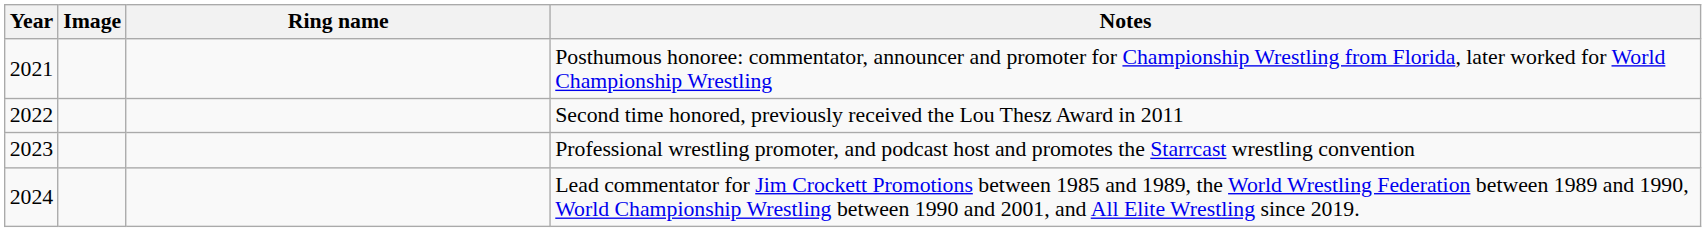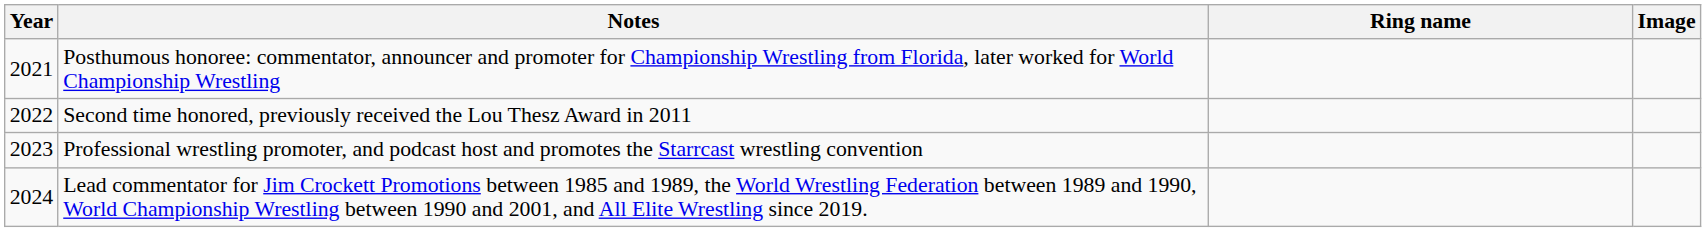 <table class="wikitable sortable">
 <tr>
 <th style="width:1%;"><strong>Year</strong></th>
+<th class="unsortable"><strong>Notes</strong></th>
+<th style="width:25%;"><strong>Ring name</strong><br></th>
 <th width="1%"><strong>Image</strong></th>
-<th style="width:25%;"><strong>Ring name</strong><br></th>
-<th class="unsortable"><strong>Notes</strong></th>
 </tr>
 <tr>
 <td>2021</td>
+<td>Posthumous honoree: commentator, announcer and promoter for <a href='#'>Championship Wrestling from Florida</a>, later worked for <a href='#'>World Championship Wrestling</a></td>
+<td><br></td>
 <td></td>
-<td><br></td>
-<td>Posthumous honoree: commentator, announcer and promoter for <a href='#'>Championship Wrestling from Florida</a>, later worked for <a href='#'>World Championship Wrestling</a></td>
 </tr>
 <tr>
 <td>2022</td>
+<td>Second time honored, previously received the Lou Thesz Award in 2011</td>
+<td><br></td>
 <td></td>
-<td><br></td>
-<td>Second time honored, previously received the Lou Thesz Award in 2011</td>
 </tr>
 <tr>
 <td>2023</td>
+<td>Professional wrestling promoter, and podcast host and promotes the <a href='#'>Starrcast</a> wrestling convention</td>
+<td><br></td>
 <td></td>
-<td><br></td>
-<td>Professional wrestling promoter, and podcast host and promotes the <a href='#'>Starrcast</a> wrestling convention</td>
 </tr>
 <tr>
 <td>2024</td>
+<td>Lead commentator for <a href='#'>Jim Crockett Promotions</a> between 1985 and 1989, the <a href='#'>World Wrestling Federation</a> between 1989 and 1990, <a href='#'>World Championship Wrestling</a> between 1990 and 2001, and <a href='#'>All Elite Wrestling</a> since 2019.</td>
 <td></td>
 <td></td>
-<td>Lead commentator for <a href='#'>Jim Crockett Promotions</a> between 1985 and 1989, the <a href='#'>World Wrestling Federation</a> between 1989 and 1990, <a href='#'>World Championship Wrestling</a> between 1990 and 2001, and <a href='#'>All Elite Wrestling</a> since 2019.</td>
 </tr>
 </table>
